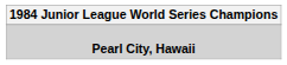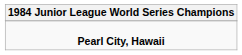 <table class="wikitable" style="text-align: center; margin: 0 auto;">
 <tr>
 <th>1984 Junior League World Series Champions</th>
 </tr>
 <tr>
 </tr>
 <tr>
-<td style="background: lightgrey;"><br><strong>Pearl City, Hawaii</strong></td>
+<td><br><strong>Pearl City, Hawaii</strong></td>
 </tr>
 </table>
